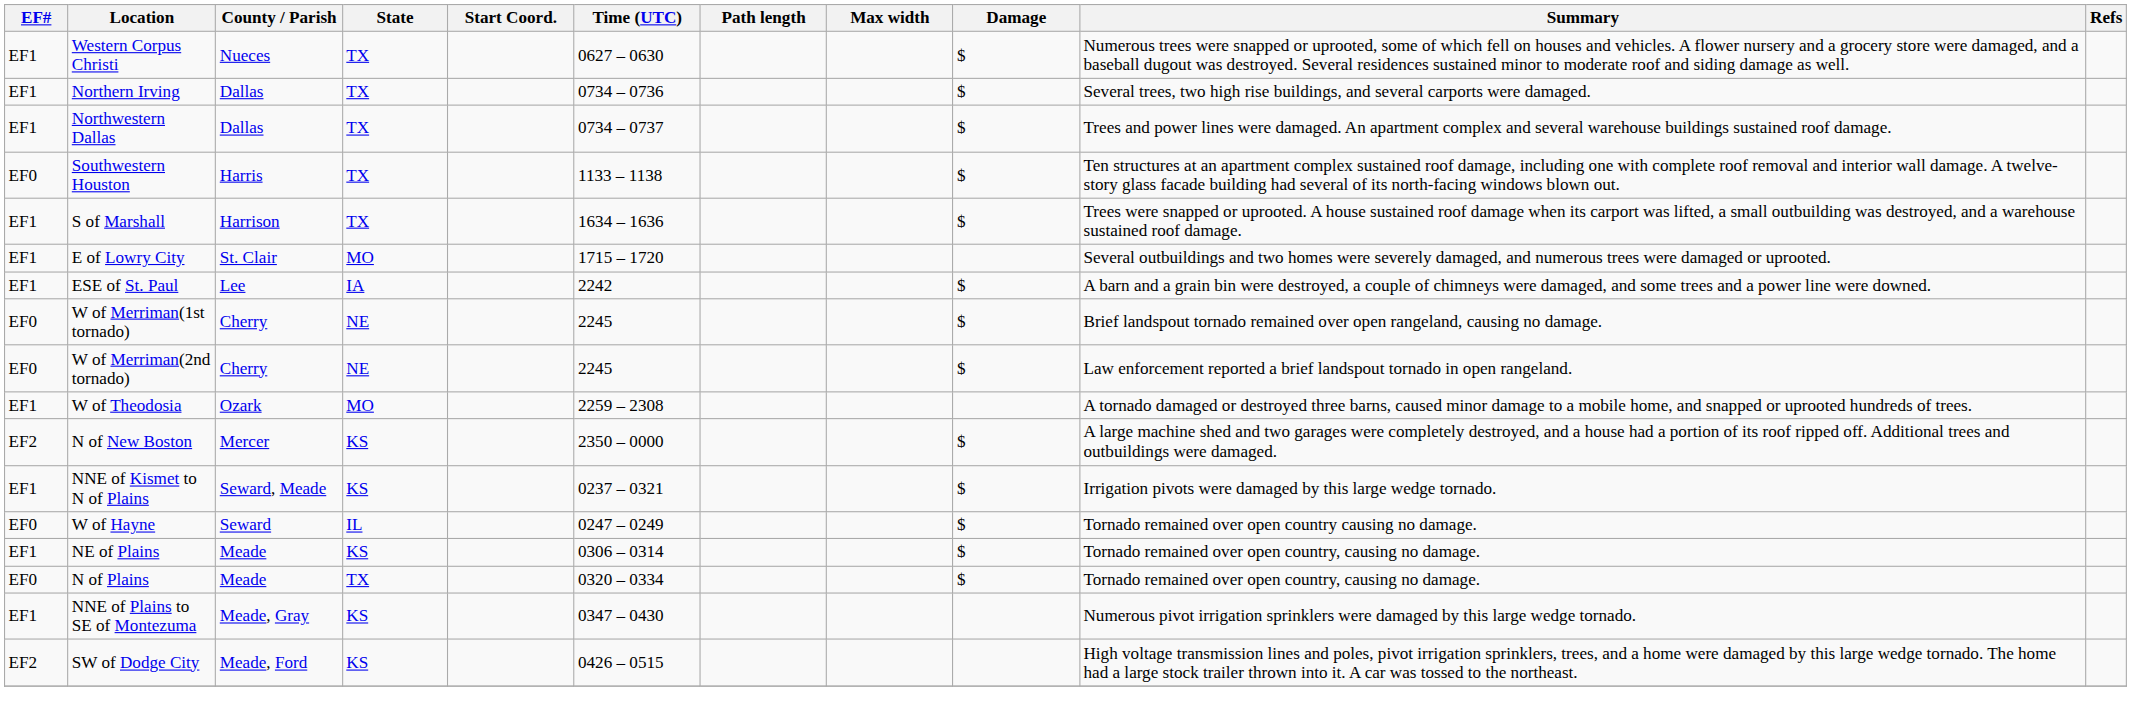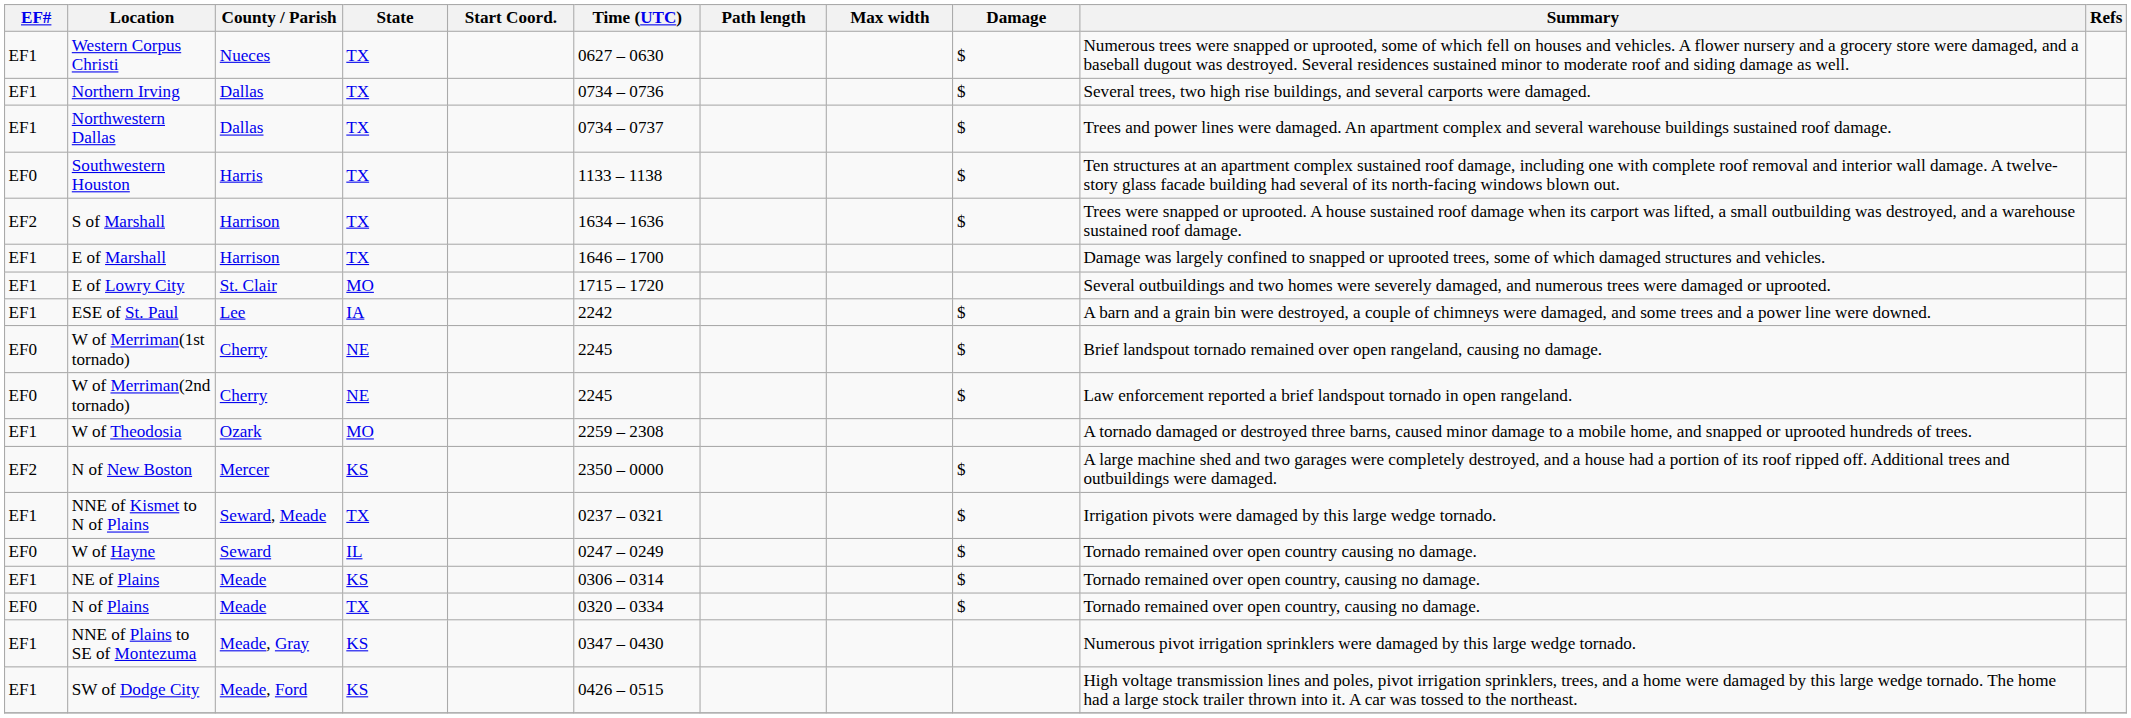 <table class="wikitable sortable" style="width:100%;">
 <tr>
 <th scope="col" width="3%" align="center"><a href='#'>EF#</a></th>
 <th scope="col" width="7%" align="center" class="unsortable">Location</th>
 <th scope="col" width="6%" align="center" class="unsortable">County / Parish</th>
 <th scope="col" width="5%" align="center">State</th>
 <th scope="col" width="6%" align="center">Start Coord.</th>
 <th scope="col" width="6%" align="center">Time (<a href='#'>UTC</a>)</th>
 <th scope="col" width="6%" align="center">Path length</th>
 <th scope="col" width="6%" align="center">Max width</th>
 <th scope="col" width="6%" align="center">Damage</th>
 <th scope="col" width="48%" class="unsortable" align="center">Summary</th>
 <th scope="col" width="48%" class="unsortable" align="center">Refs</th>
 </tr>
 <tr>
 <td>EF1</td>
 <td><a href='#'>Western Corpus Christi</a></td>
 <td><a href='#'>Nueces</a></td>
 <td><a href='#'>TX</a></td>
 <td></td>
 <td>0627 – 0630</td>
 <td></td>
 <td></td>
 <td>$</td>
 <td>Numerous trees were snapped or uprooted, some of which fell on houses and vehicles. A flower nursery and a grocery store were damaged, and a baseball dugout was destroyed. Several residences sustained minor to moderate roof and siding damage as well.</td>
 <td></td>
 </tr>
 <tr>
 <td>EF1</td>
 <td><a href='#'>Northern Irving</a></td>
 <td><a href='#'>Dallas</a></td>
 <td><a href='#'>TX</a></td>
 <td></td>
 <td>0734 – 0736</td>
 <td></td>
 <td></td>
 <td>$</td>
 <td>Several trees, two high rise buildings, and several carports were damaged.</td>
 <td></td>
 </tr>
 <tr>
 <td>EF1</td>
 <td><a href='#'>Northwestern Dallas</a></td>
 <td><a href='#'>Dallas</a></td>
 <td><a href='#'>TX</a></td>
 <td></td>
 <td>0734 – 0737</td>
 <td></td>
 <td></td>
 <td>$</td>
 <td>Trees and power lines were damaged. An apartment complex and several warehouse buildings sustained roof damage.</td>
 <td></td>
 </tr>
 <tr>
 <td>EF0</td>
 <td><a href='#'>Southwestern Houston</a></td>
 <td><a href='#'>Harris</a></td>
 <td><a href='#'>TX</a></td>
 <td></td>
 <td>1133 – 1138</td>
 <td></td>
 <td></td>
 <td>$</td>
 <td>Ten structures at an apartment complex sustained roof damage, including one with complete roof removal and interior wall damage. A twelve-story glass facade building had several of its north-facing windows blown out.</td>
 <td></td>
 </tr>
 <tr>
-<td>EF1</td>
+<td>EF2</td>
 <td>S of <a href='#'>Marshall</a></td>
 <td><a href='#'>Harrison</a></td>
 <td><a href='#'>TX</a></td>
 <td></td>
 <td>1634 – 1636</td>
 <td></td>
 <td></td>
 <td>$</td>
 <td>Trees were snapped or uprooted. A house sustained roof damage when its carport was lifted, a small outbuilding was destroyed, and a warehouse sustained roof damage.</td>
+<td></td>
+</tr>
+<tr>
+<td>EF1</td>
+<td>E of <a href='#'>Marshall</a></td>
+<td><a href='#'>Harrison</a></td>
+<td><a href='#'>TX</a></td>
+<td></td>
+<td>1646 – 1700</td>
+<td></td>
+<td></td>
+<td></td>
+<td>Damage was largely confined to snapped or uprooted trees, some of which damaged structures and vehicles.</td>
 <td></td>
 </tr>
 <tr>
 <td>EF1</td>
 <td>E of <a href='#'>Lowry City</a></td>
 <td><a href='#'>St. Clair</a></td>
 <td><a href='#'>MO</a></td>
 <td></td>
 <td>1715 – 1720</td>
 <td></td>
 <td></td>
 <td></td>
 <td>Several outbuildings and two homes were severely damaged, and numerous trees were damaged or uprooted.</td>
 <td></td>
 </tr>
 <tr>
 <td>EF1</td>
 <td>ESE of <a href='#'>St. Paul</a></td>
 <td><a href='#'>Lee</a></td>
 <td><a href='#'>IA</a></td>
 <td></td>
 <td>2242</td>
 <td></td>
 <td></td>
 <td>$</td>
 <td>A barn and a grain bin were destroyed, a couple of chimneys were damaged, and some trees and a power line were downed.</td>
 <td></td>
 </tr>
 <tr>
 <td>EF0</td>
 <td>W of <a href='#'>Merriman</a>(1st tornado)</td>
 <td><a href='#'>Cherry</a></td>
 <td><a href='#'>NE</a></td>
 <td></td>
 <td>2245</td>
 <td></td>
 <td></td>
 <td>$</td>
 <td>Brief landspout tornado remained over open rangeland, causing no damage.</td>
 <td></td>
 </tr>
 <tr>
 <td>EF0</td>
 <td>W of <a href='#'>Merriman</a>(2nd tornado)</td>
 <td><a href='#'>Cherry</a></td>
 <td><a href='#'>NE</a></td>
 <td></td>
 <td>2245</td>
 <td></td>
 <td></td>
 <td>$</td>
 <td>Law enforcement reported a brief landspout tornado in open rangeland.</td>
 <td></td>
 </tr>
 <tr>
 <td>EF1</td>
 <td>W of <a href='#'>Theodosia</a></td>
 <td><a href='#'>Ozark</a></td>
 <td><a href='#'>MO</a></td>
 <td></td>
 <td>2259 – 2308</td>
 <td></td>
 <td></td>
 <td></td>
 <td>A tornado damaged or destroyed three barns, caused minor damage to a mobile home, and snapped or uprooted hundreds of trees.</td>
 <td></td>
 </tr>
 <tr>
 <td>EF2</td>
 <td>N of <a href='#'>New Boston</a></td>
 <td><a href='#'>Mercer</a></td>
 <td><a href='#'>KS</a></td>
 <td></td>
 <td>2350 – 0000</td>
 <td></td>
 <td></td>
 <td>$</td>
 <td>A large machine shed and two garages were completely destroyed, and a house had a portion of its roof ripped off. Additional trees and outbuildings were damaged.</td>
 <td></td>
 </tr>
 <tr>
 <td>EF1</td>
 <td>NNE of <a href='#'>Kismet</a> to N of <a href='#'>Plains</a></td>
 <td><a href='#'>Seward</a>, <a href='#'>Meade</a></td>
-<td><a href='#'>KS</a></td>
+<td><a href='#'>TX</a></td>
 <td></td>
 <td>0237 – 0321</td>
 <td></td>
 <td></td>
 <td>$</td>
 <td>Irrigation pivots were damaged by this large wedge tornado.</td>
 <td></td>
 </tr>
 <tr>
 <td>EF0</td>
 <td>W of <a href='#'>Hayne</a></td>
 <td><a href='#'>Seward</a></td>
 <td><a href='#'>IL</a></td>
 <td></td>
 <td>0247 – 0249</td>
 <td></td>
 <td></td>
 <td>$</td>
 <td>Tornado remained over open country causing no damage.</td>
 <td></td>
 </tr>
 <tr>
 <td>EF1</td>
 <td>NE of <a href='#'>Plains</a></td>
 <td><a href='#'>Meade</a></td>
 <td><a href='#'>KS</a></td>
 <td></td>
 <td>0306 – 0314</td>
 <td></td>
 <td></td>
 <td>$</td>
 <td>Tornado remained over open country, causing no damage.</td>
 <td></td>
 </tr>
 <tr>
 <td>EF0</td>
 <td>N of <a href='#'>Plains</a></td>
 <td><a href='#'>Meade</a></td>
 <td><a href='#'>TX</a></td>
 <td></td>
 <td>0320 – 0334</td>
 <td></td>
 <td></td>
 <td>$</td>
 <td>Tornado remained over open country, causing no damage.</td>
 <td></td>
 </tr>
 <tr>
 <td>EF1</td>
 <td>NNE of <a href='#'>Plains</a> to SE of <a href='#'>Montezuma</a></td>
 <td><a href='#'>Meade</a>, <a href='#'>Gray</a></td>
 <td><a href='#'>KS</a></td>
 <td></td>
 <td>0347 – 0430</td>
 <td></td>
 <td></td>
 <td></td>
 <td>Numerous pivot irrigation sprinklers were damaged by this large wedge tornado.</td>
 <td></td>
 </tr>
 <tr>
-<td>EF2</td>
+<td>EF1</td>
 <td>SW of <a href='#'>Dodge City</a></td>
 <td><a href='#'>Meade</a>, <a href='#'>Ford</a></td>
 <td><a href='#'>KS</a></td>
 <td></td>
 <td>0426 – 0515</td>
 <td></td>
 <td></td>
 <td></td>
 <td>High voltage transmission lines and poles, pivot irrigation sprinklers, trees, and a home were damaged by this large wedge tornado. The home had a large stock trailer thrown into it. A car was tossed  to the northeast.</td>
 <td></td>
 </tr>
 <tr>
 </tr>
 </table>
